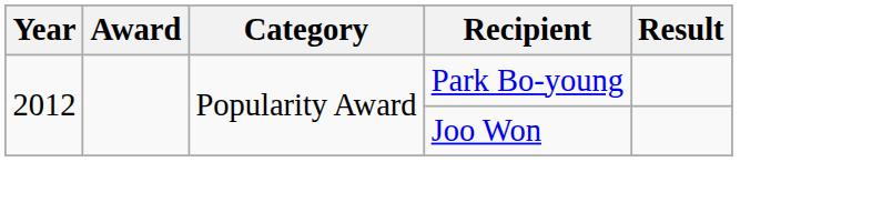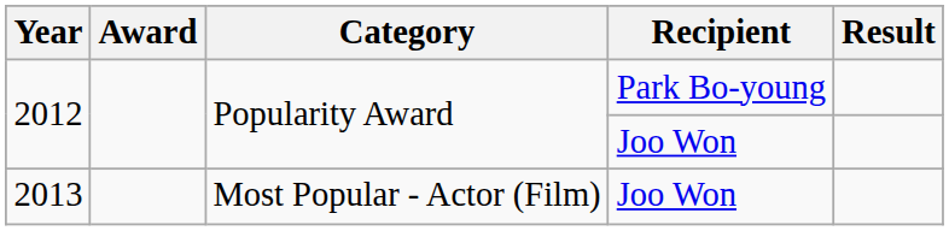 <table class="wikitable">
 <tr>
 <th>Year</th>
 <th>Award</th>
 <th>Category</th>
 <th>Recipient</th>
 <th>Result</th>
 </tr>
 <tr>
 <td rowspan="2">2012</td>
 <td rowspan="2"></td>
 <td rowspan="2">Popularity Award</td>
 <td><a href='#'>Park Bo-young</a></td>
 <td></td>
 </tr>
 <tr>
 <td><a href='#'>Joo Won</a></td>
 <td></td>
 </tr>
+<tr>
+<td rowspan="1">2013</td>
+<td></td>
+<td>Most Popular - Actor (Film)</td>
+<td><a href='#'>Joo Won</a></td>
+<td></td>
+</tr>
 </table>
